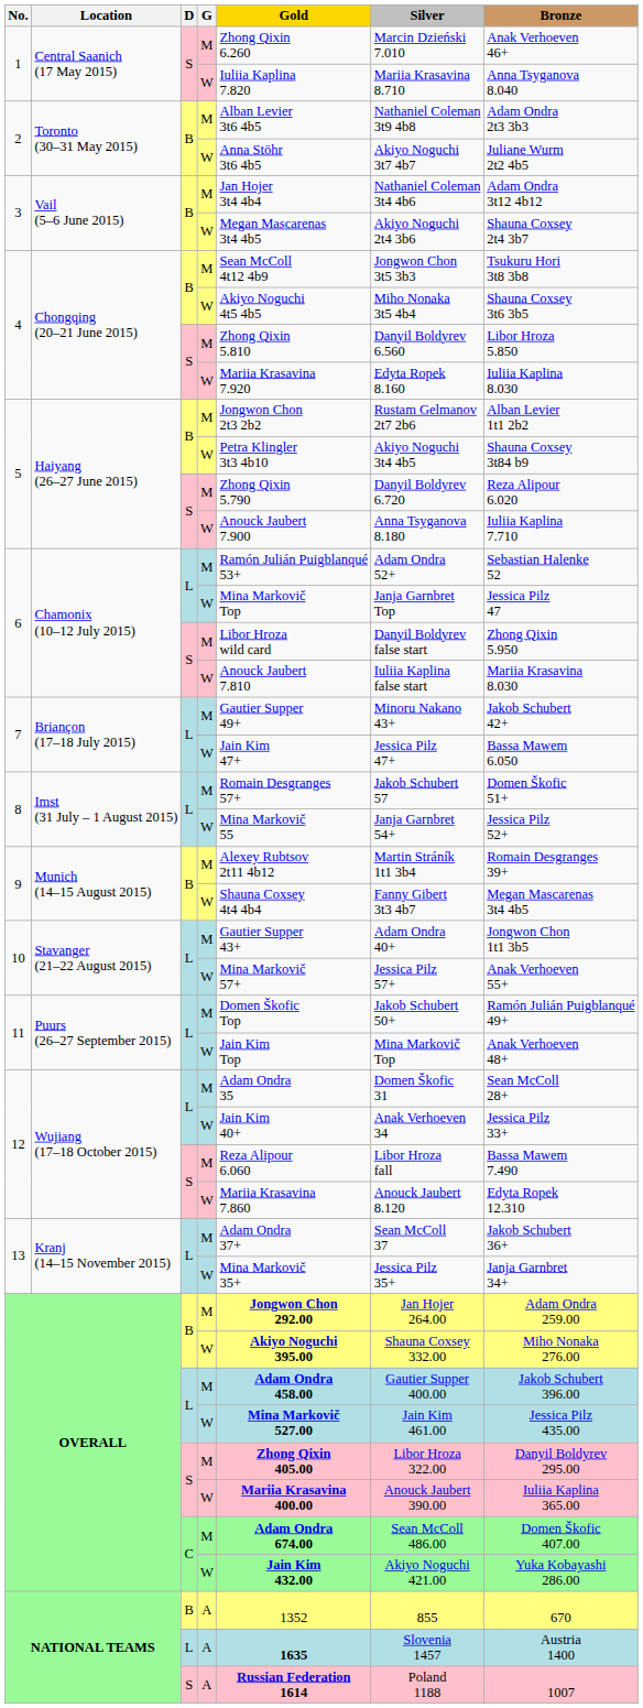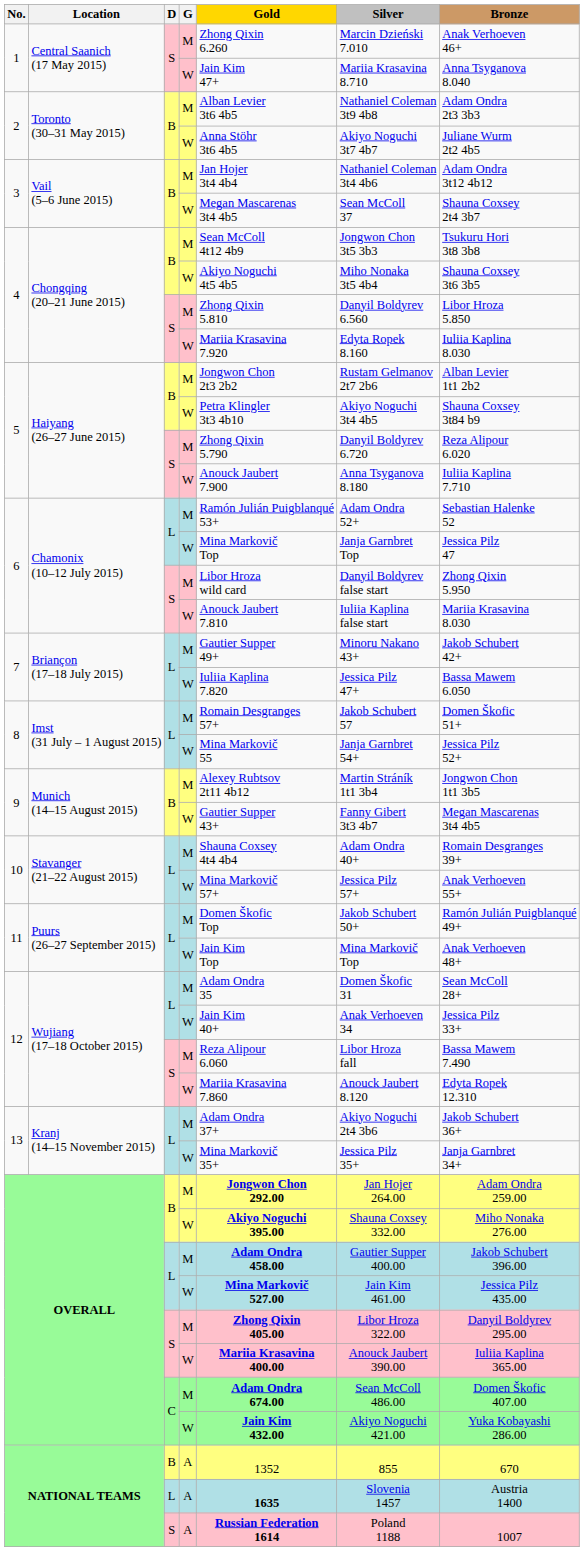 <table class="wikitable sortable">
 <tr>
 <th>No.</th>
 <th>Location</th>
 <th>D</th>
 <th>G</th>
 <th style="background: gold">Gold</th>
 <th style="background: silver">Silver</th>
 <th style="background: #cc9966">Bronze</th>
 </tr>
 <tr>
 <td rowspan=2 align="center">1</td>
 <td rowspan=2> <a href='#'>Central Saanich</a> <br> (17 May 2015)</td>
 <td rowspan=2 align="center" style="background: Pink">S</td>
 <td align="center" style="background: Pink">M</td>
 <td> <a href='#'>Zhong Qixin</a> <br> 6.260</td>
 <td> <a href='#'>Marcin Dzieński</a> <br> 7.010</td>
 <td> <a href='#'>Anak Verhoeven</a> <br> 46+</td>
 </tr>
 <tr>
 <td align="center" style="background: Pink">W</td>
-<td> <a href='#'>Iuliia Kaplina</a> <br> 7.820</td>
+<td> <a href='#'>Jain Kim</a> <br> 47+</td>
 <td> <a href='#'>Mariia Krasavina</a> <br> 8.710</td>
 <td> <a href='#'>Anna Tsyganova</a> <br> 8.040</td>
 </tr>
 <tr>
 <td rowspan=2 align="center">2</td>
 <td rowspan=2> <a href='#'>Toronto</a> <br> (30–31 May 2015)</td>
 <td rowspan=2  align="center" style="background: #ffff80">B</td>
 <td align="center" style="background: #ffff80">M</td>
 <td> <a href='#'>Alban Levier</a> <br> 3t6 4b5</td>
 <td> <a href='#'>Nathaniel Coleman</a> <br> 3t9 4b8</td>
 <td> <a href='#'>Adam Ondra</a> <br> 2t3 3b3</td>
 </tr>
 <tr>
 <td align="center" style="background: #ffff80">W</td>
 <td> <a href='#'>Anna Stöhr</a> <br> 3t6 4b5</td>
 <td> <a href='#'>Akiyo Noguchi</a> <br> 3t7 4b7</td>
 <td> <a href='#'>Juliane Wurm</a> <br> 2t2 4b5</td>
 </tr>
 <tr>
 <td rowspan=2 align="center">3</td>
 <td rowspan=2> <a href='#'>Vail</a> <br> (5–6 June 2015)</td>
 <td rowspan=2 align="center" style="background: #ffff80">B</td>
 <td align="center" style="background: #ffff80">M</td>
 <td> <a href='#'>Jan Hojer</a> <br> 3t4 4b4</td>
 <td> <a href='#'>Nathaniel Coleman</a> <br> 3t4 4b6</td>
 <td> <a href='#'>Adam Ondra</a> <br> 3t12 4b12</td>
 </tr>
 <tr>
 <td align="center" style="background: #ffff80">W</td>
 <td> <a href='#'>Megan Mascarenas</a> <br> 3t4 4b5</td>
-<td> <a href='#'>Akiyo Noguchi</a> <br> 2t4 3b6</td>
+<td> <a href='#'>Sean McColl</a> <br> 37</td>
 <td> <a href='#'>Shauna Coxsey</a> <br> 2t4 3b7</td>
 </tr>
 <tr>
 <td rowspan=4 align="center">4</td>
 <td rowspan=4> <a href='#'>Chongqing</a> <br> (20–21 June 2015)</td>
 <td rowspan=2 align="center" style="background: #ffff80">B</td>
 <td align="center" style="background: #ffff80">M</td>
 <td> <a href='#'>Sean McColl</a> <br> 4t12 4b9</td>
 <td> <a href='#'>Jongwon Chon</a> <br> 3t5 3b3</td>
 <td> <a href='#'>Tsukuru Hori</a> <br> 3t8 3b8</td>
 </tr>
 <tr>
 <td align="center" style="background: #ffff80">W</td>
 <td> <a href='#'>Akiyo Noguchi</a> <br> 4t5 4b5</td>
 <td> <a href='#'>Miho Nonaka</a> <br> 3t5 4b4</td>
 <td> <a href='#'>Shauna Coxsey</a> <br> 3t6 3b5</td>
 </tr>
 <tr>
 <td rowspan=2 align="center" style="background: Pink">S</td>
 <td align="center" style="background: Pink">M</td>
 <td> <a href='#'>Zhong Qixin</a> <br> 5.810</td>
 <td> <a href='#'>Danyil Boldyrev</a> <br> 6.560</td>
 <td> <a href='#'>Libor Hroza</a> <br> 5.850</td>
 </tr>
 <tr>
 <td align="center" style="background: Pink">W</td>
 <td> <a href='#'>Mariia Krasavina</a> <br> 7.920</td>
 <td> <a href='#'>Edyta Ropek</a> <br> 8.160</td>
 <td> <a href='#'>Iuliia Kaplina</a> <br> 8.030</td>
 </tr>
 <tr>
 <td rowspan=4 align="center">5</td>
 <td rowspan=4> <a href='#'>Haiyang</a> <br> (26–27 June 2015)</td>
 <td rowspan=2 align="center" style="background: #ffff80">B</td>
 <td align="center" style="background: #ffff80">M</td>
 <td> <a href='#'>Jongwon Chon</a> <br> 2t3 2b2</td>
 <td> <a href='#'>Rustam Gelmanov</a> <br> 2t7 2b6</td>
 <td> <a href='#'>Alban Levier</a> <br> 1t1 2b2</td>
 </tr>
 <tr>
 <td align="center" style="background: #ffff80">W</td>
 <td> <a href='#'>Petra Klingler</a> <br> 3t3 4b10</td>
 <td> <a href='#'>Akiyo Noguchi</a> <br> 3t4 4b5</td>
 <td> <a href='#'>Shauna Coxsey</a> <br> 3t84 b9</td>
 </tr>
 <tr>
 <td rowspan=2 align="center" style="background: Pink">S</td>
 <td align="center" style="background: Pink">M</td>
 <td> <a href='#'>Zhong Qixin</a> <br> 5.790</td>
 <td> <a href='#'>Danyil Boldyrev</a> <br> 6.720</td>
 <td> <a href='#'>Reza Alipour</a> <br> 6.020</td>
 </tr>
 <tr>
 <td align="center" style="background: Pink">W</td>
 <td> <a href='#'>Anouck Jaubert</a> <br> 7.900</td>
 <td> <a href='#'>Anna Tsyganova</a> <br> 8.180</td>
 <td> <a href='#'>Iuliia Kaplina</a> <br> 7.710</td>
 </tr>
 <tr>
 <td rowspan=4 align="center">6</td>
 <td rowspan=4> <a href='#'>Chamonix</a> <br> (10–12 July 2015)</td>
 <td rowspan=2 align="center" style="background: PowderBlue">L</td>
 <td align="center" style="background: PowderBlue">M</td>
 <td> <a href='#'>Ramón Julián Puigblanqué</a> <br> 53+</td>
 <td> <a href='#'>Adam Ondra</a> <br> 52+</td>
 <td> <a href='#'>Sebastian Halenke</a> <br> 52</td>
 </tr>
 <tr>
 <td align="center" style="background: PowderBlue">W</td>
 <td> <a href='#'>Mina Markovič</a> <br> Top</td>
 <td> <a href='#'>Janja Garnbret</a> <br> Top</td>
 <td> <a href='#'>Jessica Pilz</a> <br> 47</td>
 </tr>
 <tr>
 <td rowspan=2 align="center" style="background: Pink">S</td>
 <td align="center" style="background: Pink">M</td>
 <td> <a href='#'>Libor Hroza</a> <br> wild card</td>
 <td> <a href='#'>Danyil Boldyrev</a> <br> false start</td>
 <td> <a href='#'>Zhong Qixin</a> <br> 5.950</td>
 </tr>
 <tr>
 <td align="center" style="background: Pink">W</td>
 <td> <a href='#'>Anouck Jaubert</a> <br> 7.810</td>
 <td> <a href='#'>Iuliia Kaplina</a> <br> false start</td>
 <td> <a href='#'>Mariia Krasavina</a> <br> 8.030</td>
 </tr>
 <tr>
 <td rowspan=2 align="center">7</td>
 <td rowspan=2> <a href='#'>Briançon</a> <br> (17–18 July 2015)</td>
 <td rowspan=2 align="center" style="background: PowderBlue">L</td>
 <td align="center" style="background: PowderBlue">M</td>
 <td> <a href='#'>Gautier Supper</a> <br> 49+</td>
 <td> <a href='#'>Minoru Nakano</a> <br> 43+</td>
 <td> <a href='#'>Jakob Schubert</a> <br> 42+</td>
 </tr>
 <tr>
 <td align="center" style="background: PowderBlue">W</td>
-<td> <a href='#'>Jain Kim</a> <br> 47+</td>
+<td> <a href='#'>Iuliia Kaplina</a> <br> 7.820</td>
 <td> <a href='#'>Jessica Pilz</a> <br> 47+</td>
 <td> <a href='#'>Bassa Mawem</a> <br> 6.050</td>
 </tr>
 <tr>
 <td rowspan=2 align="center">8</td>
 <td rowspan=2> <a href='#'>Imst</a> <br> (31 July – 1 August 2015)</td>
 <td rowspan=2 align="center" style="background: PowderBlue">L</td>
 <td align="center" style="background: PowderBlue">M</td>
 <td> <a href='#'>Romain Desgranges</a> <br> 57+</td>
 <td> <a href='#'>Jakob Schubert</a> <br> 57</td>
 <td> <a href='#'>Domen Škofic</a> <br> 51+</td>
 </tr>
 <tr>
 <td align="center" style="background: PowderBlue">W</td>
 <td> <a href='#'>Mina Markovič</a> <br> 55</td>
 <td> <a href='#'>Janja Garnbret</a> <br> 54+</td>
 <td> <a href='#'>Jessica Pilz</a> <br> 52+</td>
 </tr>
 <tr>
 <td rowspan=2 align="center">9</td>
 <td rowspan=2> <a href='#'>Munich</a> <br> (14–15 August 2015)</td>
 <td rowspan=2 align="center" style="background: #ffff80">B</td>
 <td align="center" style="background: #ffff80">M</td>
 <td> <a href='#'>Alexey Rubtsov</a> <br> 2t11 4b12</td>
 <td> <a href='#'>Martin Stráník</a> <br> 1t1 3b4</td>
-<td> <a href='#'>Romain Desgranges</a> <br> 39+</td>
+<td> <a href='#'>Jongwon Chon</a> <br> 1t1 3b5</td>
 </tr>
 <tr>
 <td align="center" style="background: #ffff80">W</td>
-<td> <a href='#'>Shauna Coxsey</a> <br> 4t4 4b4</td>
+<td> <a href='#'>Gautier Supper</a> <br> 43+</td>
 <td> <a href='#'>Fanny Gibert</a> <br> 3t3 4b7</td>
 <td> <a href='#'>Megan Mascarenas</a> <br> 3t4 4b5</td>
 </tr>
 <tr>
 <td rowspan=2 align="center">10</td>
 <td rowspan=2> <a href='#'>Stavanger</a> <br> (21–22 August 2015)</td>
 <td rowspan=2 align="center" style="background: PowderBlue">L</td>
 <td align="center" style="background: PowderBlue">M</td>
-<td> <a href='#'>Gautier Supper</a> <br> 43+</td>
+<td> <a href='#'>Shauna Coxsey</a> <br> 4t4 4b4</td>
 <td> <a href='#'>Adam Ondra</a> <br> 40+</td>
-<td> <a href='#'>Jongwon Chon</a> <br> 1t1 3b5</td>
+<td> <a href='#'>Romain Desgranges</a> <br> 39+</td>
 </tr>
 <tr>
 <td align="center" style="background: PowderBlue">W</td>
 <td> <a href='#'>Mina Markovič</a> <br> 57+</td>
 <td> <a href='#'>Jessica Pilz</a> <br> 57+</td>
 <td> <a href='#'>Anak Verhoeven</a> <br> 55+</td>
 </tr>
 <tr>
 <td rowspan=2  align="center">11</td>
 <td rowspan=2> <a href='#'>Puurs</a> <br> (26–27 September 2015)</td>
 <td rowspan=2 align="center" style="background: PowderBlue">L</td>
 <td align="center" style="background: PowderBlue">M</td>
 <td> <a href='#'>Domen Škofic</a> <br> Top</td>
 <td> <a href='#'>Jakob Schubert</a> <br> 50+</td>
 <td> <a href='#'>Ramón Julián Puigblanqué</a> <br> 49+</td>
 </tr>
 <tr>
 <td align="center" style="background: PowderBlue">W</td>
 <td> <a href='#'>Jain Kim</a> <br> Top</td>
 <td> <a href='#'>Mina Markovič</a> <br> Top</td>
 <td> <a href='#'>Anak Verhoeven</a> <br> 48+</td>
 </tr>
 <tr>
 <td rowspan=4 align="center">12</td>
 <td rowspan=4> <a href='#'>Wujiang</a> <br> (17–18 October 2015)</td>
 <td rowspan=2 align="center" style="background: PowderBlue">L</td>
 <td align="center" style="background: PowderBlue">M</td>
 <td> <a href='#'>Adam Ondra</a> <br> 35</td>
 <td> <a href='#'>Domen Škofic</a> <br> 31</td>
 <td> <a href='#'>Sean McColl</a> <br> 28+</td>
 </tr>
 <tr>
 <td align="center" style="background: PowderBlue">W</td>
 <td> <a href='#'>Jain Kim</a> <br> 40+</td>
 <td> <a href='#'>Anak Verhoeven</a> <br> 34</td>
 <td> <a href='#'>Jessica Pilz</a> <br> 33+</td>
 </tr>
 <tr>
 <td rowspan=2 align="center" style="background: Pink">S</td>
 <td align="center" style="background: Pink">M</td>
 <td> <a href='#'>Reza Alipour</a> <br> 6.060</td>
 <td> <a href='#'>Libor Hroza</a> <br> fall</td>
 <td> <a href='#'>Bassa Mawem</a> <br> 7.490</td>
 </tr>
 <tr>
 <td align="center" style="background: Pink">W</td>
 <td> <a href='#'>Mariia Krasavina</a> <br> 7.860</td>
 <td> <a href='#'>Anouck Jaubert</a> <br> 8.120</td>
 <td> <a href='#'>Edyta Ropek</a> <br> 12.310</td>
 </tr>
 <tr>
 <td rowspan=2 align="center">13</td>
 <td rowspan=2> <a href='#'>Kranj</a> <br> (14–15 November 2015)</td>
 <td rowspan=2 align="center" style="background: PowderBlue">L</td>
 <td align="center" style="background: PowderBlue">M</td>
 <td> <a href='#'>Adam Ondra</a> <br> 37+</td>
-<td> <a href='#'>Sean McColl</a> <br> 37</td>
+<td> <a href='#'>Akiyo Noguchi</a> <br> 2t4 3b6</td>
 <td> <a href='#'>Jakob Schubert</a> <br> 36+</td>
 </tr>
 <tr>
 <td align="center" style="background: PowderBlue">W</td>
 <td> <a href='#'>Mina Markovič</a> <br> 35+</td>
 <td> <a href='#'>Jessica Pilz</a> <br> 35+</td>
 <td> <a href='#'>Janja Garnbret</a> <br> 34+</td>
 </tr>
 <tr>
 <td align="center" style="background:#98FB98" colspan=2 rowspan=8><strong>OVERALL</strong></td>
 <td rowspan=2 align="center" style="background: #ffff80">B</td>
 <td align="center" style="background: #ffff80">M</td>
 <td align="center" style="background: #ffff80"><strong> <a href='#'>Jongwon Chon</a> <br> 292.00</strong></td>
 <td align="center" style="background: #ffff80"> <a href='#'>Jan Hojer</a> <br> 264.00</td>
 <td align="center" style="background: #ffff80"> <a href='#'>Adam Ondra</a> <br> 259.00</td>
 </tr>
 <tr>
 <td align="center" style="background: #ffff80">W</td>
 <td align="center" style="background: #ffff80"><strong> <a href='#'>Akiyo Noguchi</a> <br> 395.00</strong></td>
 <td align="center" style="background: #ffff80"> <a href='#'>Shauna Coxsey</a> <br> 332.00</td>
 <td align="center" style="background: #ffff80"> <a href='#'>Miho Nonaka</a> <br> 276.00</td>
 </tr>
 <tr>
 <td rowspan=2 align="center" style="background: PowderBlue">L</td>
 <td align="center" style="background: PowderBlue">M</td>
 <td align="center" style="background: PowderBlue"><strong> <a href='#'>Adam Ondra</a> <br> 458.00</strong></td>
 <td align="center" style="background: PowderBlue"> <a href='#'>Gautier Supper</a> <br> 400.00</td>
 <td align="center" style="background: PowderBlue"> <a href='#'>Jakob Schubert</a> <br> 396.00</td>
 </tr>
 <tr>
 <td align="center" style="background: PowderBlue">W</td>
 <td align="center" style="background: PowderBlue"><strong> <a href='#'>Mina Markovič</a> <br> 527.00</strong></td>
 <td align="center" style="background: PowderBlue"> <a href='#'>Jain Kim</a> <br> 461.00</td>
 <td align="center" style="background: PowderBlue"> <a href='#'>Jessica Pilz</a> <br> 435.00</td>
 </tr>
 <tr>
 <td rowspan=2 align="center" style="background: Pink">S</td>
 <td align="center" style="background: Pink">M</td>
 <td align="center" style="background: Pink"><strong> <a href='#'>Zhong Qixin</a> <br> 405.00</strong></td>
 <td align="center" style="background: Pink"> <a href='#'>Libor Hroza</a> <br> 322.00</td>
 <td align="center" style="background: Pink"> <a href='#'>Danyil Boldyrev</a> <br> 295.00</td>
 </tr>
 <tr>
 <td align="center" style="background: Pink">W</td>
 <td align="center" style="background: Pink"><strong> <a href='#'>Mariia Krasavina</a> <br> 400.00</strong></td>
 <td align="center" style="background: Pink"> <a href='#'>Anouck Jaubert</a> <br> 390.00</td>
 <td align="center" style="background: Pink"> <a href='#'>Iuliia Kaplina</a> <br> 365.00</td>
 </tr>
 <tr>
 <td rowspan=2 align="center" style="background:#98FB98">C</td>
 <td align="center" style="background:#98FB98">M</td>
 <td align="center" style="background:#98FB98"><strong> <a href='#'>Adam Ondra</a> <br> 674.00</strong></td>
 <td align="center" style="background:#98FB98"> <a href='#'>Sean McColl</a> <br> 486.00</td>
 <td align="center" style="background:#98FB98"> <a href='#'>Domen Škofic</a> <br> 407.00</td>
 </tr>
 <tr>
 <td align="center" style="background:#98FB98">W</td>
 <td align="center" style="background:#98FB98"><strong> <a href='#'>Jain Kim</a> <br> 432.00</strong></td>
 <td align="center" style="background:#98FB98"> <a href='#'>Akiyo Noguchi</a> <br> 421.00</td>
 <td align="center" style="background:#98FB98"> <a href='#'>Yuka Kobayashi</a> <br> 286.00</td>
 </tr>
 <tr>
 <td align="center" style="background:#98FB98" colspan=2 rowspan=3><strong> NATIONAL TEAMS</strong></td>
 <td align="center" style="background: #ffff80">B</td>
 <td align="center" style="background: #ffff80">A</td>
 <td align="center" style="background: #ffff80"> <br> 1352</td>
 <td align="center" style="background: #ffff80"> <br> 855</td>
 <td align="center" style="background: #ffff80"> <br> 670</td>
 </tr>
 <tr>
 <td align="center" style="background: PowderBlue">L</td>
 <td align="center" style="background: PowderBlue">A</td>
 <td align="center" style="background: PowderBlue"><strong> <br> 1635</strong></td>
 <td align="center" style="background: PowderBlue"> <a href='#'>Slovenia</a> <br> 1457</td>
 <td align="center" style="background: PowderBlue"> Austria <br> 1400</td>
 </tr>
 <tr>
 <td align="center" style="background: Pink">S</td>
 <td align="center" style="background: Pink">A</td>
 <td align="center" style="background: Pink"><strong> <a href='#'>Russian Federation</a> <br> 1614</strong></td>
 <td align="center" style="background: Pink"> Poland <br> 1188</td>
 <td align="center" style="background: Pink"> <br> 1007</td>
 </tr>
 </table>
